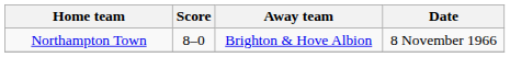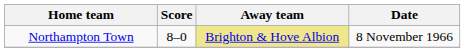 <table class="wikitable" style="text-align:center;">
 <tr>
 <th width=175>Home team</th>
 <th width=20>Score</th>
 <th width=175>Away team</th>
 <th width=125>Date</th>
 </tr>
 <tr>
 <td><a href='#'>Northampton Town</a></td>
 <td>8–0</td>
-<td><a href='#'>Brighton & Hove Albion</a></td>
+<td style="background: khaki;"><a href='#'>Brighton & Hove Albion</a></td>
 <td>8 November 1966</td>
 </tr>
 <tr>
 </tr>
 </table>
